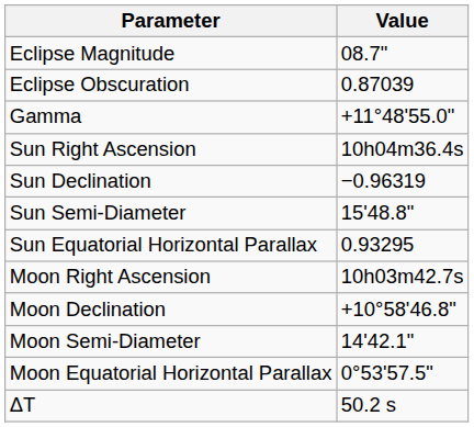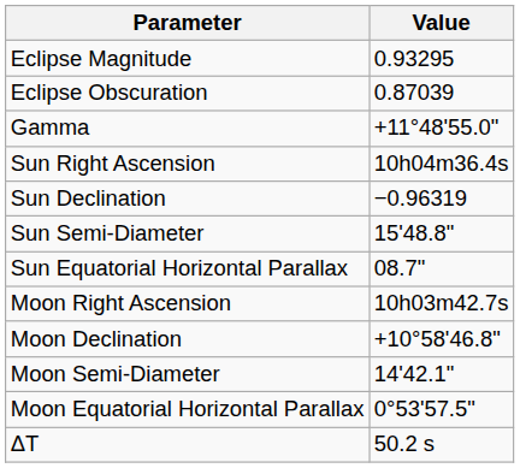 <table class="wikitable">
 <tr>
 <th>Parameter</th>
 <th>Value</th>
 </tr>
 <tr>
 <td>Eclipse Magnitude</td>
-<td>08.7"</td>
+<td>0.93295</td>
 </tr>
 <tr>
 <td>Eclipse Obscuration</td>
 <td>0.87039</td>
 </tr>
 <tr>
 <td>Gamma</td>
 <td>+11°48'55.0"</td>
 </tr>
 <tr>
 <td>Sun Right Ascension</td>
 <td>10h04m36.4s</td>
 </tr>
 <tr>
 <td>Sun Declination</td>
 <td>−0.96319</td>
 </tr>
 <tr>
 <td>Sun Semi-Diameter</td>
 <td>15'48.8"</td>
 </tr>
 <tr>
 <td>Sun Equatorial Horizontal Parallax</td>
-<td>0.93295</td>
+<td>08.7"</td>
 </tr>
 <tr>
 <td>Moon Right Ascension</td>
 <td>10h03m42.7s</td>
 </tr>
 <tr>
 <td>Moon Declination</td>
 <td>+10°58'46.8"</td>
 </tr>
 <tr>
 <td>Moon Semi-Diameter</td>
 <td>14'42.1"</td>
 </tr>
 <tr>
 <td>Moon Equatorial Horizontal Parallax</td>
 <td>0°53'57.5"</td>
 </tr>
 <tr>
 <td>ΔT</td>
 <td>50.2 s</td>
 </tr>
 </table>
